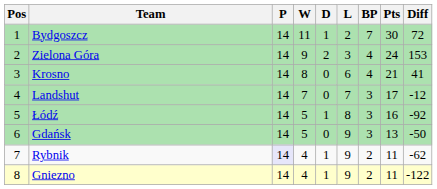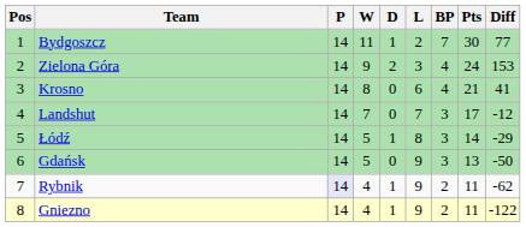 <table class="wikitable" style="font-size: 100%">
 <tr>
 <th width=20>Pos</th>
 <th width=300>Team</th>
 <th width=20>P</th>
 <th width=20>W</th>
 <th width=20>D</th>
 <th width=20>L</th>
 <th width=20>BP</th>
 <th width=20>Pts</th>
 <th width=20>Diff</th>
 </tr>
 <tr align=center style="background:#ACE1AF;">
 <td>1</td>
 <td align="left"><a href='#'>Bydgoszcz</a></td>
 <td>14</td>
 <td>11</td>
 <td>1</td>
 <td>2</td>
 <td>7</td>
 <td>30</td>
-<td>72</td>
+<td>77</td>
 </tr>
 <tr align=center style="background:#ACE1AF;">
 <td>2</td>
 <td align="left"><a href='#'>Zielona Góra</a></td>
 <td>14</td>
 <td>9</td>
 <td>2</td>
 <td>3</td>
 <td>4</td>
 <td>24</td>
 <td>153</td>
 </tr>
 <tr align=center style="background:#ACE1AF;">
 <td>3</td>
 <td align="left"><a href='#'>Krosno</a></td>
 <td>14</td>
 <td>8</td>
 <td>0</td>
 <td>6</td>
 <td>4</td>
 <td>21</td>
 <td>41</td>
 </tr>
 <tr align=center style="background:#ACE1AF;">
 <td>4</td>
 <td align="left"><a href='#'>Landshut</a> </td>
 <td>14</td>
 <td>7</td>
 <td>0</td>
 <td>7</td>
 <td>3</td>
 <td>17</td>
 <td>-12</td>
 </tr>
 <tr align=center style="background:#ACE1AF;">
 <td>5</td>
 <td align="left"><a href='#'>Łódź</a></td>
 <td>14</td>
 <td>5</td>
 <td>1</td>
 <td>8</td>
 <td>3</td>
-<td>16</td>
-<td>-92</td>
+<td>14</td>
+<td>-29</td>
 </tr>
 <tr align=center style="background:#ACE1AF;">
 <td>6</td>
 <td align="left"><a href='#'>Gdańsk</a></td>
 <td>14</td>
 <td>5</td>
 <td>0</td>
 <td>9</td>
 <td>3</td>
 <td>13</td>
 <td>-50</td>
 </tr>
 <tr align=center>
 <td>7</td>
 <td align="left"><a href='#'>Rybnik</a></td>
 <td style="background: lavender;">14</td>
 <td>4</td>
 <td>1</td>
 <td>9</td>
 <td>2</td>
 <td>11</td>
 <td>-62</td>
 </tr>
 <tr align=center style="background: #ffffcc;">
 <td>8</td>
 <td align="left"><a href='#'>Gniezno</a></td>
 <td>14</td>
 <td>4</td>
 <td>1</td>
 <td>9</td>
 <td>2</td>
 <td>11</td>
 <td>-122</td>
 </tr>
 </table>
